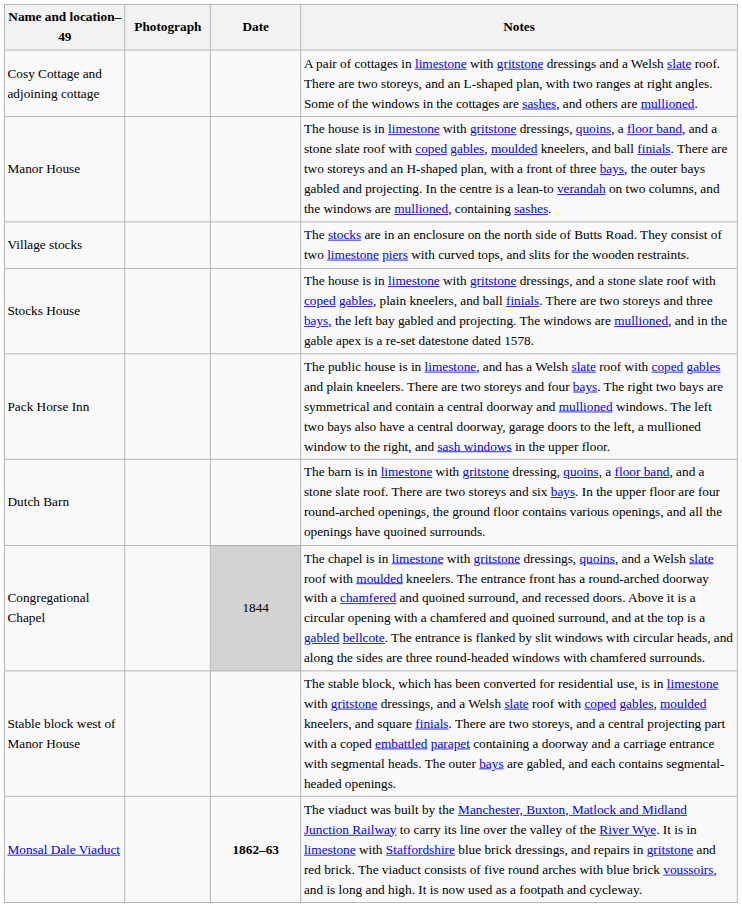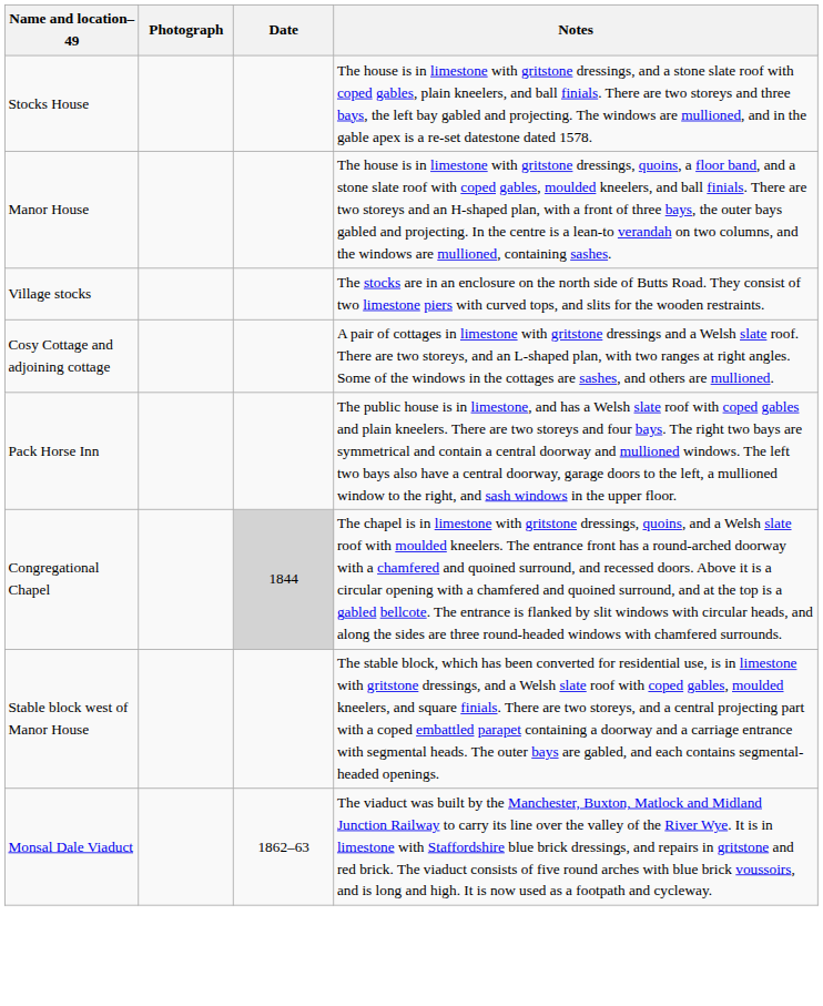 <table class="wikitable sortable plainrowheaders" style="width:100%;border:0px;text-align:left;line-height:150%;">
 <tr>
 <th scope="col"  style="width:150px">Name and location–49</th>
 <th scope="col"  style="width:100px" class="unsortable">Photograph</th>
 <th scope="col"  style="width:120px">Date</th>
 <th scope="col"  style="width:650px" class="unsortable">Notes</th>
 </tr>
 <tr>
-<td>Cosy Cottage and adjoining cottage<br><small></small></td>
+<td>Stocks House<br><small></small></td>
 <td></td>
 <td align="center"></td>
-<td>A pair of cottages in <a href='#'>limestone</a> with <a href='#'>gritstone</a> dressings and a Welsh <a href='#'>slate</a> roof.  There are two storeys, and an L-shaped plan, with two ranges at right angles.  Some of the windows in the cottages are <a href='#'>sashes</a>, and others are <a href='#'>mullioned</a>.</td>
+<td>The house is in <a href='#'>limestone</a> with <a href='#'>gritstone</a> dressings, and a stone slate roof with <a href='#'>coped</a> <a href='#'>gables</a>, plain kneelers, and ball <a href='#'>finials</a>.  There are two storeys and three <a href='#'>bays</a>, the left bay gabled and projecting.  The windows are <a href='#'>mullioned</a>, and in the gable apex is a re-set datestone dated 1578.</td>
 </tr>
 <tr>
 <td>Manor House<br><small></small></td>
 <td></td>
 <td align="center"></td>
 <td>The house is in <a href='#'>limestone</a> with <a href='#'>gritstone</a> dressings, <a href='#'>quoins</a>, a <a href='#'>floor band</a>, and a stone slate roof with <a href='#'>coped</a> <a href='#'>gables</a>, <a href='#'>moulded</a> kneelers, and ball <a href='#'>finials</a>.  There are two storeys and an H-shaped plan, with a front of three <a href='#'>bays</a>, the outer bays gabled and projecting.  In the centre is a lean-to <a href='#'>verandah</a> on two columns, and the windows are <a href='#'>mullioned</a>, containing <a href='#'>sashes</a>.</td>
 </tr>
 <tr>
 <td>Village stocks<br><small></small></td>
 <td></td>
 <td align="center"></td>
 <td>The <a href='#'>stocks</a> are in an enclosure on the north side of Butts Road.  They consist of two <a href='#'>limestone</a> <a href='#'>piers</a> with curved tops, and slits for the wooden restraints.</td>
 </tr>
 <tr>
-<td>Stocks House<br><small></small></td>
+<td>Cosy Cottage and adjoining cottage<br><small></small></td>
 <td></td>
 <td align="center"></td>
-<td>The house is in <a href='#'>limestone</a> with <a href='#'>gritstone</a> dressings, and a stone slate roof with <a href='#'>coped</a> <a href='#'>gables</a>, plain kneelers, and ball <a href='#'>finials</a>.  There are two storeys and three <a href='#'>bays</a>, the left bay gabled and projecting.  The windows are <a href='#'>mullioned</a>, and in the gable apex is a re-set datestone dated 1578.</td>
+<td>A pair of cottages in <a href='#'>limestone</a> with <a href='#'>gritstone</a> dressings and a Welsh <a href='#'>slate</a> roof.  There are two storeys, and an L-shaped plan, with two ranges at right angles.  Some of the windows in the cottages are <a href='#'>sashes</a>, and others are <a href='#'>mullioned</a>.</td>
 </tr>
 <tr>
 <td>Pack Horse Inn<br><small></small></td>
 <td></td>
 <td align="center"></td>
 <td>The public house is in <a href='#'>limestone</a>, and has a Welsh <a href='#'>slate</a> roof with <a href='#'>coped</a> <a href='#'>gables</a> and plain kneelers.  There are two storeys and four <a href='#'>bays</a>.  The right two bays are symmetrical and contain a central doorway and <a href='#'>mullioned</a> windows.  The left two bays also have a central doorway, garage doors to the left, a mullioned window to the right, and <a href='#'>sash windows</a> in the upper floor.</td>
-</tr>
-<tr>
-<td>Dutch Barn<br><small></small></td>
-<td></td>
-<td align="center"></td>
-<td>The barn is in <a href='#'>limestone</a> with <a href='#'>gritstone</a> dressing, <a href='#'>quoins</a>, a <a href='#'>floor band</a>, and a stone slate roof.  There are two storeys and six <a href='#'>bays</a>. In the upper floor are four round-arched openings, the ground floor contains various openings, and all the openings have quoined surrounds.</td>
 </tr>
 <tr>
 <td>Congregational Chapel<br><small></small></td>
 <td></td>
 <td align="center" style="background: lightgrey;">1844</td>
 <td>The chapel is in <a href='#'>limestone</a> with <a href='#'>gritstone</a> dressings, <a href='#'>quoins</a>, and a Welsh <a href='#'>slate</a> roof with <a href='#'>moulded</a> kneelers.  The entrance front has a round-arched doorway with a <a href='#'>chamfered</a> and quoined surround, and recessed doors.  Above it is a circular opening with a chamfered and quoined surround, and at the top is a <a href='#'>gabled</a> <a href='#'>bellcote</a>.  The entrance is flanked by slit windows with circular heads, and along the sides are three round-headed windows with chamfered surrounds.</td>
 </tr>
 <tr>
 <td>Stable block west of Manor House<br><small></small></td>
 <td></td>
 <td align="center"></td>
 <td>The stable block, which has been converted for residential use, is in <a href='#'>limestone</a> with <a href='#'>gritstone</a> dressings, and a Welsh <a href='#'>slate</a> roof with <a href='#'>coped</a> <a href='#'>gables</a>, <a href='#'>moulded</a> kneelers, and square <a href='#'>finials</a>.  There are two storeys, and a central projecting part with a coped <a href='#'>embattled</a> <a href='#'>parapet</a> containing a doorway and a carriage entrance with segmental heads.  The outer <a href='#'>bays</a> are gabled, and each contains segmental-headed openings.</td>
 </tr>
 <tr>
 <td><a href='#'>Monsal Dale Viaduct</a><br><small></small></td>
 <td></td>
-<td align="center"><strong>1862–63</strong></td>
+<td align="center">1862–63</td>
 <td>The viaduct was built by the <a href='#'>Manchester, Buxton, Matlock and Midland Junction Railway</a> to carry its line over the valley of the <a href='#'>River Wye</a>.  It is in <a href='#'>limestone</a> with <a href='#'>Staffordshire</a> blue brick dressings, and repairs in <a href='#'>gritstone</a> and red brick.  The viaduct consists of five round arches with blue brick <a href='#'>voussoirs</a>, and is  long and  high.  It is now used as a footpath and cycleway.</td>
 </tr>
 <tr>
 </tr>
 </table>
